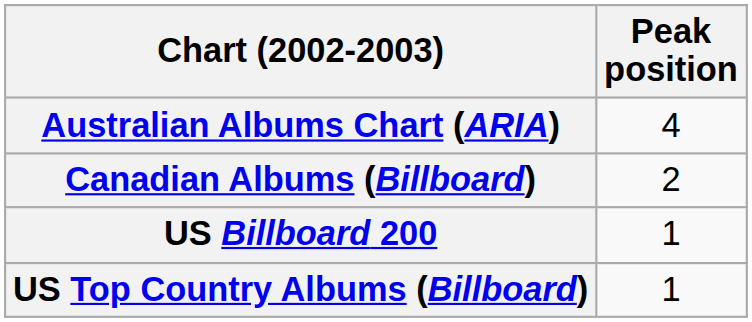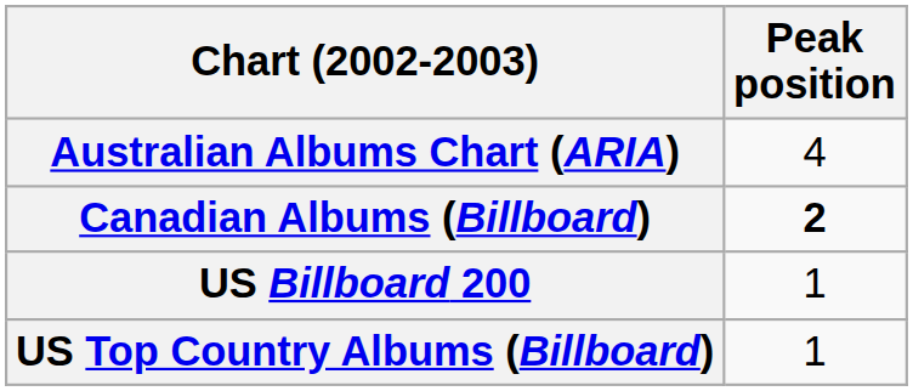 <table class="wikitable sortable plainrowheaders" style="text-align:center">
 <tr>
 <th scope="col">Chart (2002-2003)</th>
 <th scope="col">Peak<br> position</th>
 </tr>
 <tr>
 <th scope="row"><a href='#'>Australian Albums Chart</a> (<em><a href='#'>ARIA</a></em>)</th>
 <td>4</td>
 </tr>
 <tr>
 <th scope="row"><a href='#'>Canadian Albums</a> (<em><a href='#'>Billboard</a></em>)</th>
-<td>2</td>
+<td><strong>2</strong></td>
 </tr>
 <tr>
 <th scope="row">US <a href='#'><em>Billboard</em> 200</a></th>
 <td>1</td>
 </tr>
 <tr>
 <th scope="row">US <a href='#'>Top Country Albums</a> (<em><a href='#'>Billboard</a></em>)</th>
 <td>1</td>
 </tr>
 </table>
